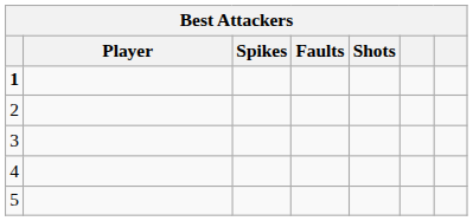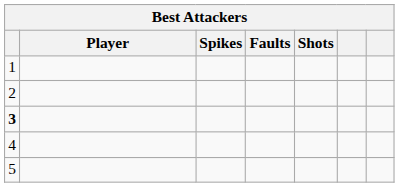 <table class="wikitable sortable" style=font-size:90%>
 <tr>
 <th colspan=7>Best Attackers</th>
 </tr>
 <tr>
 <th></th>
 <th width=158>Player</th>
 <th width=20>Spikes</th>
 <th width=20>Faults</th>
 <th width=20>Shots</th>
 <th width=20></th>
 <th width=20></th>
 </tr>
 <tr>
-<td><strong>1</strong></td>
+<td>1</td>
 <td></td>
 <td align=center></td>
 <td align=center></td>
 <td align=center></td>
 <td align=center></td>
 <td align=center></td>
 </tr>
 <tr>
 <td>2</td>
 <td></td>
 <td align=center></td>
 <td align=center></td>
 <td align=center></td>
 <td align=center></td>
 <td align=center></td>
 </tr>
 <tr>
-<td>3</td>
+<td><strong>3</strong></td>
 <td></td>
 <td align=center></td>
 <td align=center></td>
 <td align=center></td>
 <td align=center></td>
 <td align=center></td>
 </tr>
 <tr>
 <td>4</td>
 <td></td>
 <td align=center></td>
 <td align=center></td>
 <td align=center></td>
 <td align=center></td>
 <td align=center></td>
 </tr>
 <tr>
 <td>5</td>
 <td></td>
 <td align=center></td>
 <td align=center></td>
 <td align=center></td>
 <td align=center></td>
 <td align=center></td>
 </tr>
 </table>
